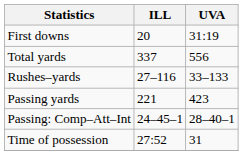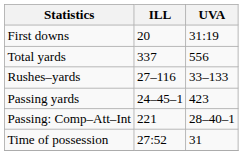 <table class="wikitable" style="float: left;">
 <tr>
 <th>Statistics</th>
 <th>ILL</th>
 <th>UVA</th>
 </tr>
 <tr>
 <td>First downs</td>
 <td>20</td>
 <td>31:19</td>
 </tr>
 <tr>
 <td>Total yards</td>
 <td>337</td>
 <td>556</td>
 </tr>
 <tr>
 <td>Rushes–yards</td>
 <td>27–116</td>
 <td>33–133</td>
 </tr>
 <tr>
 <td>Passing yards</td>
-<td>221</td>
+<td>24–45–1</td>
 <td>423</td>
 </tr>
 <tr>
 <td>Passing: Comp–Att–Int</td>
-<td>24–45–1</td>
+<td>221</td>
 <td>28–40–1</td>
 </tr>
 <tr>
 <td>Time of possession</td>
 <td>27:52</td>
 <td>31</td>
 </tr>
 <tr>
 </tr>
 </table>
